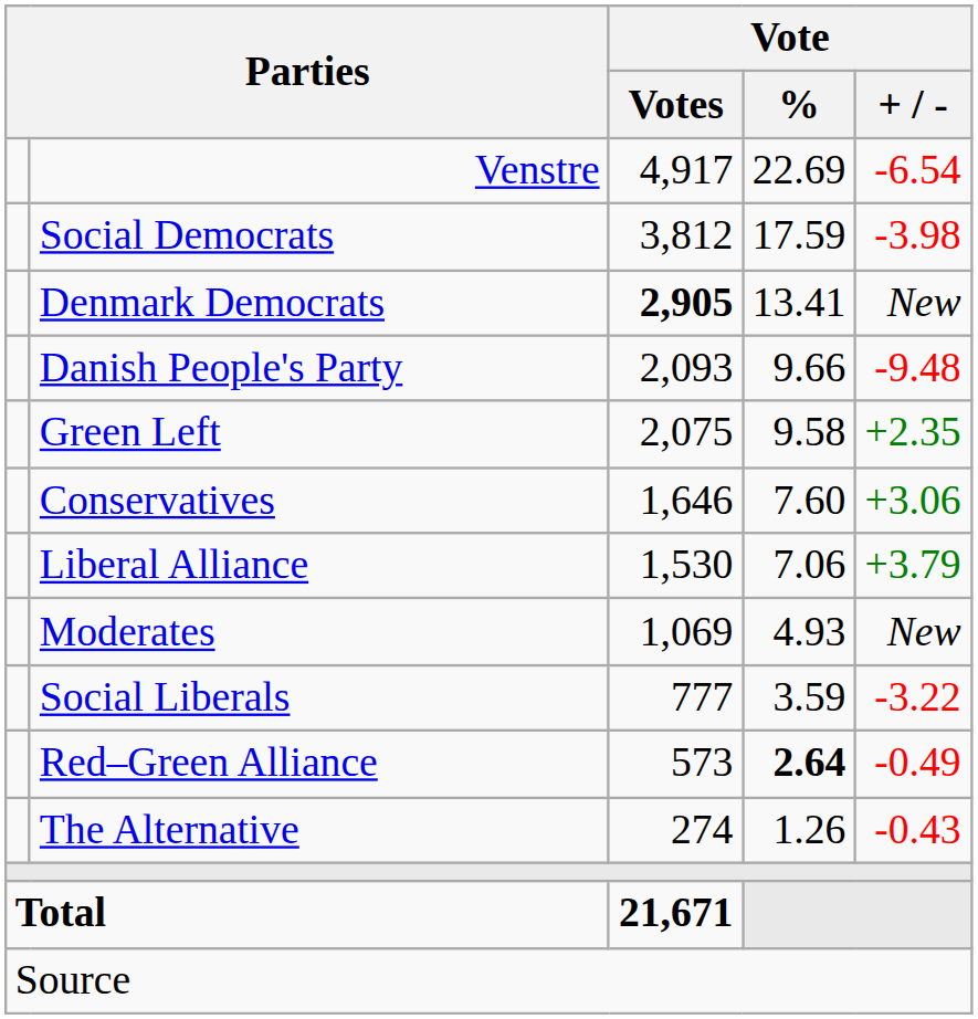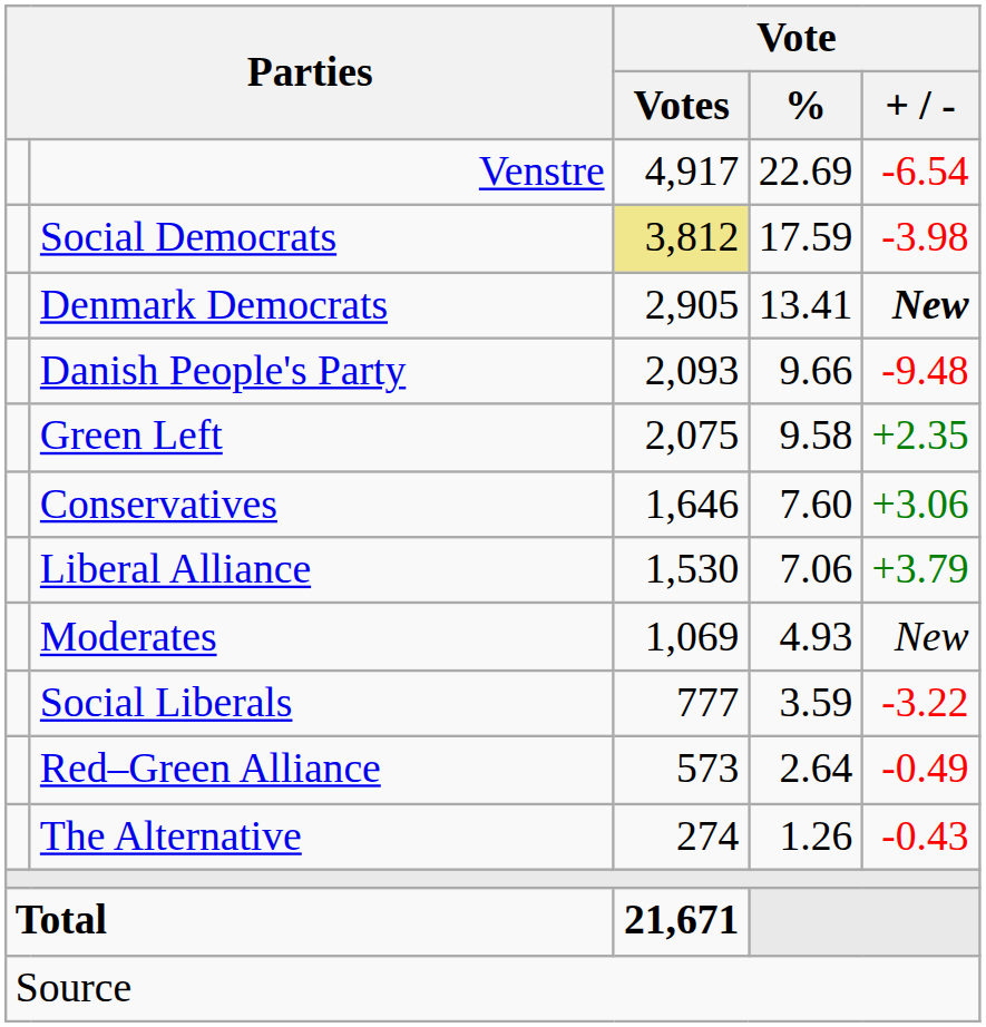 <table class="wikitable" style="text-align:right;">
 <tr>
 <th style="text-align:centre;" rowspan="2" colspan="2" width="225">Parties</th>
 <th colspan="3">Vote</th>
 </tr>
 <tr>
 <th width="15">Votes</th>
 <th width="15">%</th>
 <th width="15">+ / -</th>
 </tr>
 <tr>
 <td width=2 bgcolor=></td>
 <td><a href='#'>Venstre</a></td>
 <td>4,917</td>
 <td>22.69</td>
 <td style=color:red;>-6.54</td>
 </tr>
 <tr>
 <td width=2 bgcolor=></td>
 <td align=left><a href='#'>Social Democrats</a></td>
-<td>3,812</td>
+<td style="background: khaki;">3,812</td>
 <td>17.59</td>
 <td style=color:red;>-3.98</td>
 </tr>
 <tr>
 <td width=2 bgcolor=></td>
 <td align=left><a href='#'>Denmark Democrats</a></td>
-<td><strong>2,905</strong></td>
+<td>2,905</td>
 <td>13.41</td>
-<td><em>New</em></td>
+<td><strong><em>New</em></strong></td>
 </tr>
 <tr>
 <td width=2 bgcolor=></td>
 <td align=left><a href='#'>Danish People's Party</a></td>
 <td>2,093</td>
 <td>9.66</td>
 <td style=color:red;>-9.48</td>
 </tr>
 <tr>
 <td width=2 bgcolor=></td>
 <td align=left><a href='#'>Green Left</a></td>
 <td>2,075</td>
 <td>9.58</td>
 <td style=color:green;>+2.35</td>
 </tr>
 <tr>
 <td width=2 bgcolor=></td>
 <td align=left><a href='#'>Conservatives</a></td>
 <td>1,646</td>
 <td>7.60</td>
 <td style=color:green;>+3.06</td>
 </tr>
 <tr>
 <td width=2 bgcolor=></td>
 <td align=left><a href='#'>Liberal Alliance</a></td>
 <td>1,530</td>
 <td>7.06</td>
 <td style=color:green;>+3.79</td>
 </tr>
 <tr>
 <td width=2 bgcolor=></td>
 <td align=left><a href='#'>Moderates</a></td>
 <td>1,069</td>
 <td>4.93</td>
 <td><em>New</em></td>
 </tr>
 <tr>
 <td width=2 bgcolor=></td>
 <td align=left><a href='#'>Social Liberals</a></td>
 <td>777</td>
 <td>3.59</td>
 <td style=color:red;>-3.22</td>
 </tr>
 <tr>
 <td width=2 bgcolor=></td>
 <td align=left><a href='#'>Red–Green Alliance</a></td>
 <td>573</td>
-<td><strong>2.64</strong></td>
+<td>2.64</td>
 <td style=color:red;>-0.49</td>
 </tr>
 <tr>
 <td width=2 bgcolor=></td>
 <td align=left><a href='#'>The Alternative</a></td>
 <td>274</td>
 <td>1.26</td>
 <td style=color:red;>-0.43</td>
 </tr>
 <tr>
 <td colspan="7" bgcolor="#E9E9E9"></td>
 </tr>
 <tr>
 <td align="left" colspan="2"><strong>Total</strong></td>
 <td><strong>21,671</strong></td>
 <td bgcolor=#E9E9E9 colspan=2></td>
 </tr>
 <tr>
 <td align="left" colspan="6">Source</td>
 </tr>
 </table>
